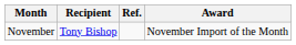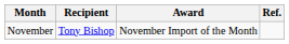 <table class="wikitable">
 <tr>
 <th>Month</th>
 <th>Recipient</th>
+<th>Award</th>
 <th>Ref.</th>
-<th>Award</th>
 </tr>
 <tr>
 <td>November</td>
 <td><a href='#'>Tony Bishop</a></td>
+<td>November Import of the Month</td>
 <td></td>
-<td>November Import of the Month</td>
 </tr>
 </table>
